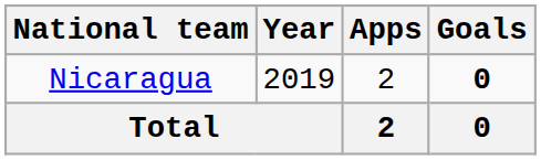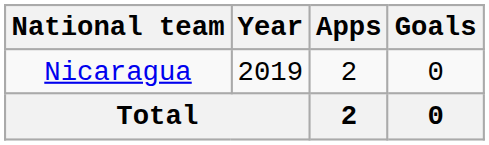 <table class="wikitable" style="text-align:center">
 <tr>
 <th>National team</th>
 <th>Year</th>
 <th>Apps</th>
 <th>Goals</th>
 </tr>
 <tr>
 <td rowspan="1"><a href='#'>Nicaragua</a></td>
 <td>2019</td>
 <td>2</td>
-<td><strong>0</strong></td>
+<td>0</td>
 </tr>
 <tr>
 <th colspan=2>Total</th>
 <th>2</th>
 <th>0</th>
 </tr>
 </table>
